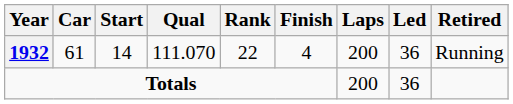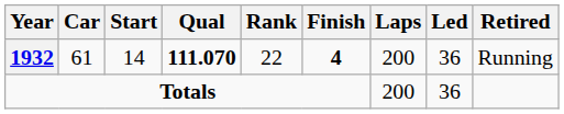 <table class="wikitable" style="text-align:center">
 <tr>
 <th>Year</th>
 <th>Car</th>
 <th>Start</th>
 <th>Qual</th>
 <th>Rank</th>
 <th>Finish</th>
 <th>Laps</th>
 <th>Led</th>
 <th>Retired</th>
 </tr>
 <tr>
 <th><a href='#'>1932</a></th>
 <td>61</td>
 <td>14</td>
-<td>111.070</td>
+<td><strong>111.070</strong></td>
 <td>22</td>
-<td>4</td>
+<td><strong>4</strong></td>
 <td>200</td>
 <td>36</td>
 <td>Running</td>
 </tr>
 <tr>
 <td colspan=6><strong>Totals</strong></td>
 <td>200</td>
 <td>36</td>
 <td></td>
 </tr>
 </table>
